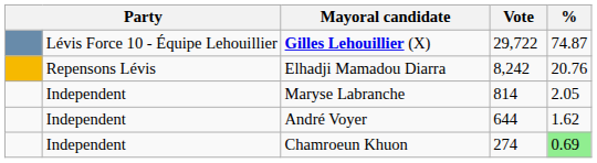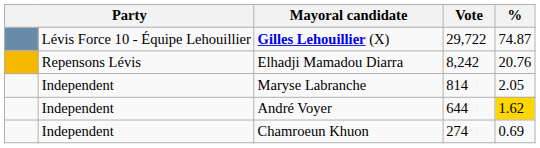 <table class="wikitable">
 <tr>
 <th bgcolor="#DDDDFF" width="230px" colspan="2">Party</th>
 <th bgcolor="#DDDDFF" width="200px">Mayoral candidate</th>
 <th bgcolor="#DDDDFF" width="50px">Vote</th>
 <th bgcolor="#DDDDFF" width="30px">%</th>
 </tr>
 <tr>
 <td bgcolor=#688BAA width="30px"> </td>
 <td>Lévis Force 10 - Équipe Lehouillier</td>
 <td><strong><a href='#'>Gilles Lehouillier</a></strong> (X)</td>
 <td>29,722</td>
 <td>74.87</td>
 </tr>
 <tr>
 <td bgcolor=#f6b900 width="30px"> </td>
 <td>Repensons Lévis</td>
 <td>Elhadji Mamadou Diarra</td>
 <td>8,242</td>
 <td>20.76</td>
 </tr>
 <tr>
 <td> </td>
 <td>Independent</td>
 <td>Maryse Labranche</td>
 <td>814</td>
 <td>2.05</td>
 </tr>
 <tr>
 <td> </td>
 <td>Independent</td>
 <td>André Voyer</td>
 <td>644</td>
-<td>1.62</td>
+<td style="background: gold;">1.62</td>
 </tr>
 <tr>
 <td> </td>
 <td>Independent</td>
 <td>Chamroeun Khuon</td>
 <td>274</td>
-<td style="background: lightgreen;">0.69</td>
+<td>0.69</td>
 </tr>
 </table>
